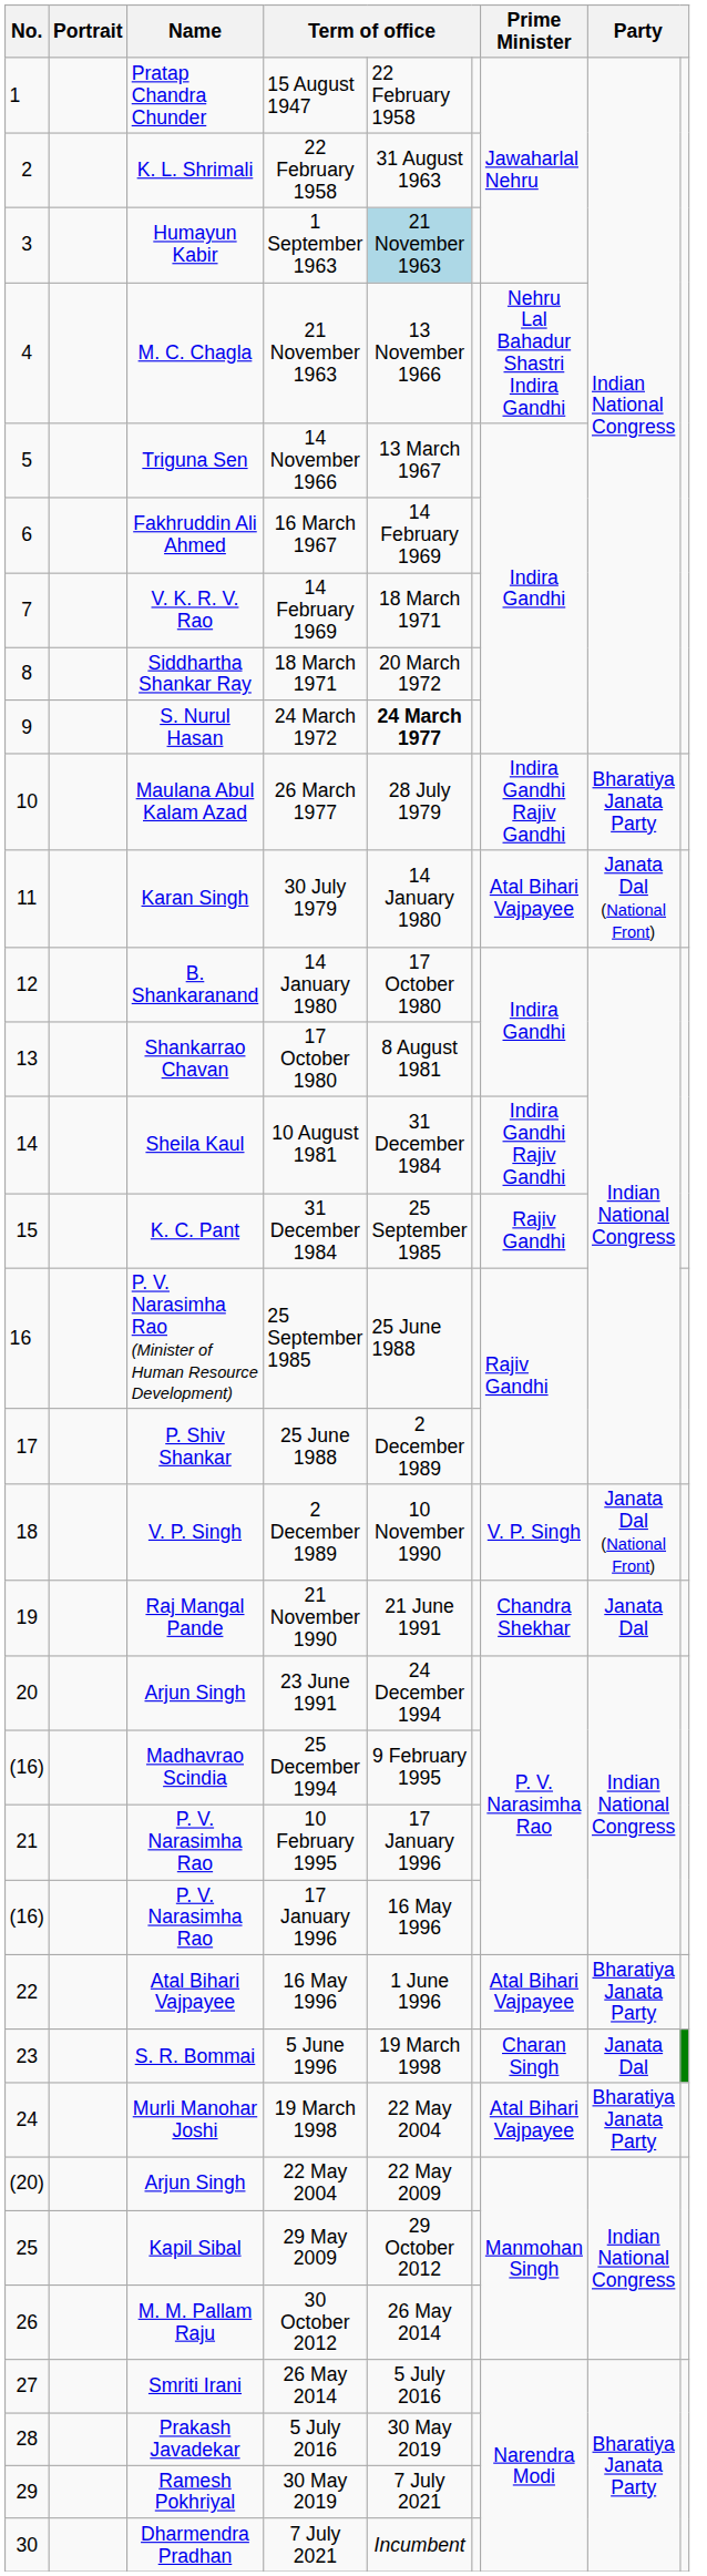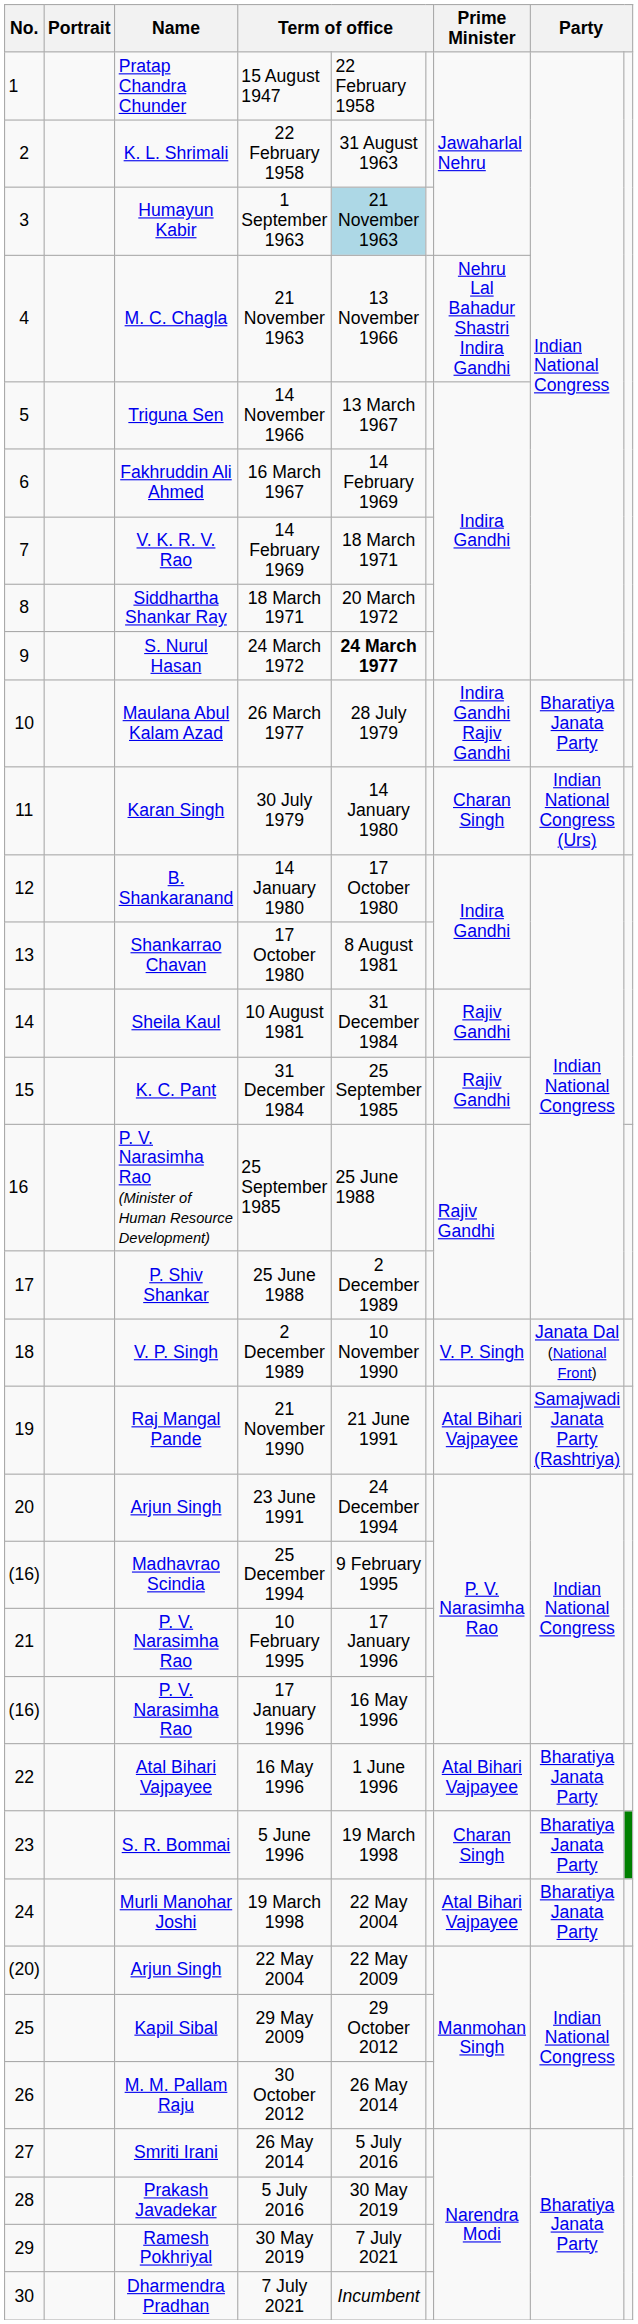 <table class="wikitable" style="width:70%;" style="text-align:center">
 <tr>
 <th>No.</th>
 <th>Portrait</th>
 <th>Name</th>
 <th colspan="3">Term of office</th>
 <th>Prime Minister</th>
 <th colspan=2>Party</th>
 </tr>
 <tr style="height: 40px;">
 <td>1</td>
 <td></td>
 <td><a href='#'>Pratap Chandra Chunder</a></td>
 <td>15 August 1947</td>
 <td>22 February 1958</td>
 <td></td>
 <td rowspan="3"><a href='#'>Jawaharlal Nehru</a></td>
 <td rowspan="9"><a href='#'>Indian National Congress</a></td>
 <td rowspan="9" width="4px"></td>
 </tr>
 <tr align="center">
 <td>2</td>
 <td></td>
 <td><a href='#'>K. L. Shrimali</a></td>
 <td>22 February 1958</td>
 <td>31 August 1963</td>
 <td></td>
 </tr>
 <tr align="center">
 <td>3</td>
 <td></td>
 <td><a href='#'>Humayun Kabir</a></td>
 <td>1 September 1963</td>
 <td style="background: lightblue;">21 November 1963</td>
 <td></td>
 </tr>
 <tr align="center">
 <td>4</td>
 <td></td>
 <td><a href='#'>M. C. Chagla</a></td>
 <td>21 November 1963</td>
 <td>13 November 1966</td>
 <td></td>
 <td><a href='#'>Nehru</a><br><a href='#'>Lal Bahadur Shastri</a><br><a href='#'>Indira Gandhi</a></td>
 </tr>
 <tr align="center">
 <td>5</td>
 <td></td>
 <td><a href='#'>Triguna Sen</a></td>
 <td>14 November 1966</td>
 <td>13 March 1967</td>
 <td></td>
 <td rowspan="5"><a href='#'>Indira Gandhi</a></td>
 </tr>
 <tr align="center">
 <td>6</td>
 <td></td>
 <td><a href='#'>Fakhruddin Ali Ahmed</a></td>
 <td>16 March 1967</td>
 <td>14 February 1969</td>
 <td></td>
 </tr>
 <tr align="center">
 <td>7</td>
 <td></td>
 <td><a href='#'>V. K. R. V. Rao</a></td>
 <td>14 February 1969</td>
 <td>18 March 1971</td>
 <td></td>
 </tr>
 <tr align="center">
 <td>8</td>
 <td></td>
 <td><a href='#'>Siddhartha Shankar Ray</a></td>
 <td>18 March 1971</td>
 <td>20 March 1972</td>
 <td></td>
 </tr>
 <tr align="center">
 <td>9</td>
 <td></td>
 <td><a href='#'>S. Nurul Hasan</a></td>
 <td>24 March 1972</td>
 <td><strong>24 March 1977</strong></td>
 <td></td>
 </tr>
 <tr align="center">
 <td>10</td>
 <td></td>
 <td><a href='#'>Maulana Abul Kalam Azad</a></td>
 <td>26 March 1977</td>
 <td>28 July 1979</td>
 <td></td>
 <td><a href='#'>Indira Gandhi</a><br><a href='#'>Rajiv Gandhi</a></td>
 <td><a href='#'>Bharatiya Janata Party</a></td>
 <td width="4px"></td>
 </tr>
 <tr align="center">
 <td>11</td>
 <td></td>
 <td><a href='#'>Karan Singh</a></td>
 <td>30 July 1979</td>
 <td>14 January 1980</td>
 <td></td>
-<td><a href='#'>Atal Bihari Vajpayee</a></td>
-<td><a href='#'>Janata Dal</a><br><small>(<a href='#'>National Front</a>)</small></td>
+<td><a href='#'>Charan Singh</a></td>
+<td><a href='#'>Indian National Congress (Urs)</a></td>
 <td width="4px"></td>
 </tr>
 <tr align="center">
 <td>12</td>
 <td></td>
 <td><a href='#'>B. Shankaranand</a></td>
 <td>14 January 1980</td>
 <td>17 October 1980</td>
 <td></td>
 <td rowspan="2"><a href='#'>Indira Gandhi</a></td>
 <td rowspan="6"><a href='#'>Indian National Congress</a></td>
 <td rowspan="4" width="4px"></td>
 </tr>
 <tr align="center">
 <td>13</td>
 <td></td>
 <td><a href='#'>Shankarrao Chavan</a></td>
 <td>17 October 1980</td>
 <td>8 August 1981</td>
 <td></td>
 </tr>
 <tr align="center">
 <td>14</td>
 <td></td>
 <td><a href='#'>Sheila Kaul</a></td>
 <td>10 August 1981</td>
 <td>31 December 1984</td>
 <td></td>
-<td><a href='#'>Indira Gandhi</a><br><a href='#'>Rajiv Gandhi</a></td>
+<td><a href='#'>Rajiv Gandhi</a></td>
 </tr>
 <tr align="center">
 <td>15</td>
 <td></td>
 <td><a href='#'>K. C. Pant</a></td>
 <td>31 December 1984</td>
 <td>25 September 1985</td>
 <td></td>
 <td><a href='#'>Rajiv Gandhi</a></td>
 </tr>
 <tr style="height: 40px;">
 <td>16</td>
 <td></td>
 <td><a href='#'>P. V. Narasimha Rao</a><br><small><em>(Minister of Human Resource Development)</em></small></td>
 <td>25 September 1985</td>
 <td>25 June 1988</td>
 <td></td>
 <td rowspan="2"><a href='#'>Rajiv Gandhi</a></td>
 <td rowspan="2" width="4px"></td>
 </tr>
 <tr align="center">
 <td>17</td>
 <td></td>
 <td><a href='#'>P. Shiv Shankar</a></td>
 <td>25 June 1988</td>
 <td>2 December 1989</td>
 <td></td>
 </tr>
 <tr align="center">
 <td>18</td>
 <td></td>
 <td><a href='#'>V. P. Singh</a></td>
 <td>2 December 1989</td>
 <td>10 November 1990</td>
 <td></td>
 <td><a href='#'>V. P. Singh</a></td>
 <td><a href='#'>Janata Dal</a><br><small>(<a href='#'>National Front</a>)</small></td>
 <td width="4px"></td>
 </tr>
 <tr align="center">
 <td>19</td>
 <td></td>
 <td><a href='#'>Raj Mangal Pande</a></td>
 <td>21 November 1990</td>
 <td>21 June 1991</td>
 <td></td>
-<td><a href='#'>Chandra Shekhar</a></td>
-<td><a href='#'>Janata Dal</a></td>
+<td><a href='#'>Atal Bihari Vajpayee</a></td>
+<td><a href='#'>Samajwadi Janata Party (Rashtriya)</a></td>
 <td width="4px"></td>
 </tr>
 <tr align="center">
 <td>20</td>
 <td></td>
 <td><a href='#'>Arjun Singh</a></td>
 <td>23 June 1991</td>
 <td>24 December 1994</td>
 <td></td>
 <td rowspan="4"><a href='#'>P. V. Narasimha Rao</a></td>
 <td rowspan="4"><a href='#'>Indian National Congress</a></td>
 <td rowspan="4" width="4px"></td>
 </tr>
 <tr align="center">
 <td>(16)</td>
 <td></td>
 <td><a href='#'>Madhavrao Scindia</a></td>
 <td>25 December 1994</td>
 <td>9 February 1995</td>
 <td></td>
 </tr>
 <tr align="center">
 <td>21</td>
 <td></td>
 <td><a href='#'>P. V. Narasimha Rao</a></td>
 <td>10 February 1995</td>
 <td>17 January 1996</td>
 <td></td>
 </tr>
 <tr align="center">
 <td>(16)</td>
 <td></td>
 <td><a href='#'>P. V. Narasimha Rao</a></td>
 <td>17 January 1996</td>
 <td>16 May 1996</td>
 <td></td>
 </tr>
 <tr align="center">
 <td>22</td>
 <td></td>
 <td><a href='#'>Atal Bihari Vajpayee</a></td>
 <td>16 May 1996</td>
 <td>1 June 1996</td>
 <td></td>
 <td><a href='#'>Atal Bihari Vajpayee</a></td>
 <td><a href='#'>Bharatiya Janata Party</a></td>
 <td width="4px"></td>
 </tr>
 <tr align="center">
 <td>23</td>
 <td></td>
 <td><a href='#'>S. R. Bommai</a></td>
 <td>5 June 1996</td>
 <td>19 March 1998</td>
 <td></td>
 <td><a href='#'>Charan Singh</a></td>
-<td><a href='#'>Janata Dal</a></td>
+<td><a href='#'>Bharatiya Janata Party</a></td>
 <td width="4px" bgcolor="Green"></td>
 </tr>
 <tr align="center">
 <td>24</td>
 <td></td>
 <td><a href='#'>Murli Manohar Joshi</a></td>
 <td>19 March 1998</td>
 <td>22 May 2004</td>
 <td></td>
 <td><a href='#'>Atal Bihari Vajpayee</a></td>
 <td><a href='#'>Bharatiya Janata Party</a></td>
 <td width="4px"></td>
 </tr>
 <tr align="center">
 <td>(20)</td>
 <td></td>
 <td><a href='#'>Arjun Singh</a></td>
 <td>22 May 2004</td>
 <td>22 May 2009</td>
 <td></td>
 <td rowspan="3"><a href='#'>Manmohan Singh</a></td>
 <td rowspan="3"><a href='#'>Indian National Congress</a></td>
 <td rowspan="3" width="4px"></td>
 </tr>
 <tr align="center">
 <td>25</td>
 <td></td>
 <td><a href='#'>Kapil Sibal</a></td>
 <td>29 May 2009</td>
 <td>29 October 2012</td>
 <td></td>
 </tr>
 <tr align="center">
 <td>26</td>
 <td></td>
 <td><a href='#'>M. M. Pallam Raju</a></td>
 <td>30 October 2012</td>
 <td>26 May 2014</td>
 <td></td>
 </tr>
 <tr align="center">
 <td>27</td>
 <td></td>
 <td><a href='#'>Smriti Irani</a></td>
 <td>26 May 2014</td>
 <td>5 July 2016</td>
 <td></td>
 <td rowspan="4"><a href='#'>Narendra Modi</a></td>
 <td rowspan="4"><a href='#'>Bharatiya Janata Party</a></td>
 <td rowspan="4" width="4px"></td>
 </tr>
 <tr align="center">
 <td>28</td>
 <td></td>
 <td><a href='#'>Prakash Javadekar</a></td>
 <td>5 July 2016</td>
 <td>30 May 2019</td>
 <td></td>
 </tr>
 <tr align="center">
 <td>29</td>
 <td></td>
 <td><a href='#'>Ramesh Pokhriyal</a></td>
 <td>30 May 2019</td>
 <td>7 July 2021</td>
 <td></td>
 </tr>
 <tr align="center">
 <td>30</td>
 <td></td>
 <td><a href='#'>Dharmendra Pradhan</a></td>
 <td>7 July 2021</td>
 <td><em>Incumbent</em></td>
 <td></td>
 </tr>
 </table>
